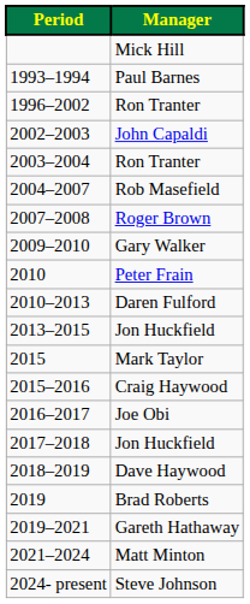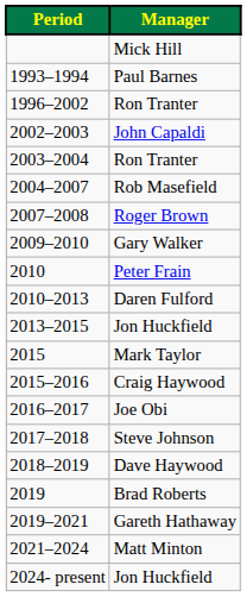 <table class="wikitable sortable">
 <tr>
 <th style="background:#037949; color:#FFFF00; border:2px solid #000;" scope="col">Period</th>
 <th style="background:#037949; color:#FFFF00; border:2px solid #000;" scope="col">Manager</th>
 </tr>
 <tr>
 <td></td>
 <td> Mick Hill</td>
 </tr>
 <tr>
 <td>1993–1994</td>
 <td> Paul Barnes</td>
 </tr>
 <tr>
 <td>1996–2002</td>
 <td> Ron Tranter</td>
 </tr>
 <tr>
 <td>2002–2003</td>
 <td> <a href='#'>John Capaldi</a></td>
 </tr>
 <tr>
 <td>2003–2004</td>
 <td> Ron Tranter</td>
 </tr>
 <tr>
 <td>2004–2007</td>
 <td> Rob Masefield</td>
 </tr>
 <tr>
 <td>2007–2008</td>
 <td> <a href='#'>Roger Brown</a></td>
 </tr>
 <tr>
 <td>2009–2010</td>
 <td> Gary Walker</td>
 </tr>
 <tr>
 <td>2010</td>
 <td> <a href='#'>Peter Frain</a></td>
 </tr>
 <tr>
 <td>2010–2013</td>
 <td> Daren Fulford</td>
 </tr>
 <tr>
 <td>2013–2015</td>
 <td> Jon Huckfield</td>
 </tr>
 <tr>
 <td>2015</td>
 <td> Mark Taylor</td>
 </tr>
 <tr>
 <td>2015–2016</td>
 <td> Craig Haywood</td>
 </tr>
 <tr>
 <td>2016–2017</td>
 <td> Joe Obi</td>
 </tr>
 <tr>
 <td>2017–2018</td>
-<td> Jon Huckfield</td>
+<td> Steve Johnson</td>
 </tr>
 <tr>
 <td>2018–2019</td>
 <td> Dave Haywood</td>
 </tr>
 <tr>
 <td>2019</td>
 <td> Brad Roberts</td>
 </tr>
 <tr>
 <td>2019–2021</td>
 <td> Gareth Hathaway</td>
 </tr>
 <tr>
 <td>2021–2024</td>
 <td> Matt Minton</td>
 </tr>
 <tr>
 <td>2024- present</td>
-<td> Steve Johnson</td>
+<td> Jon Huckfield</td>
 </tr>
 </table>
